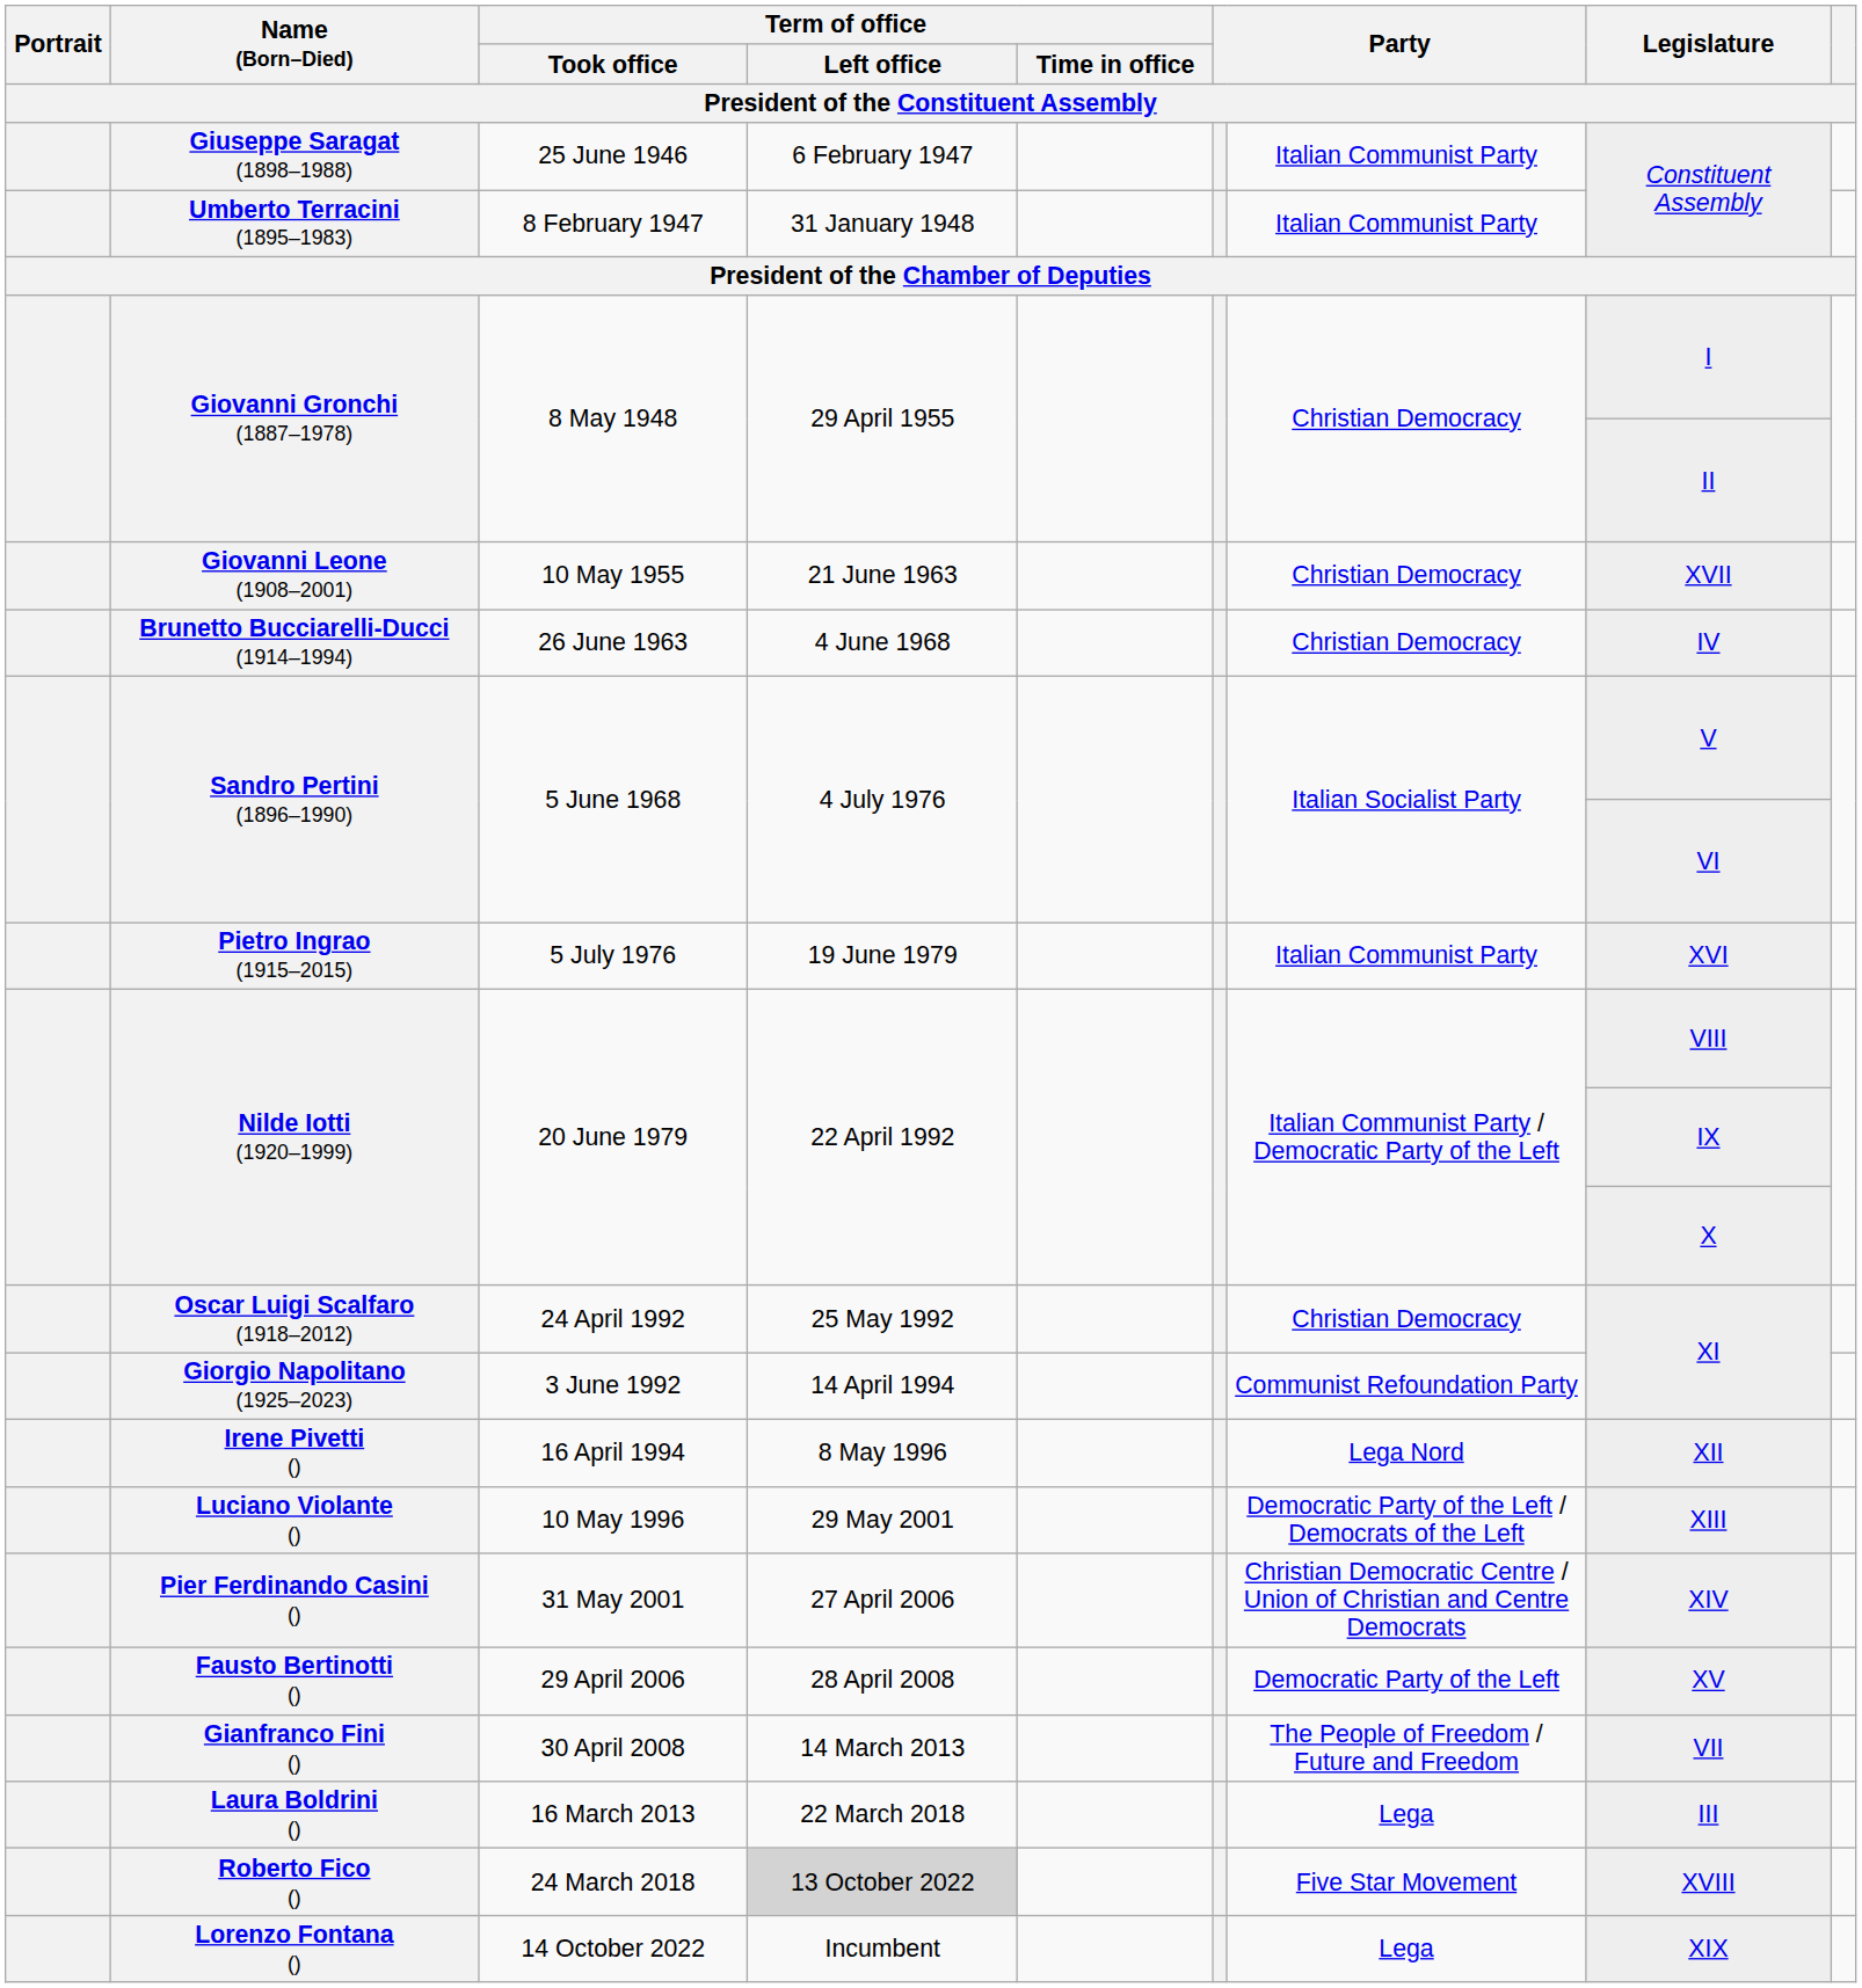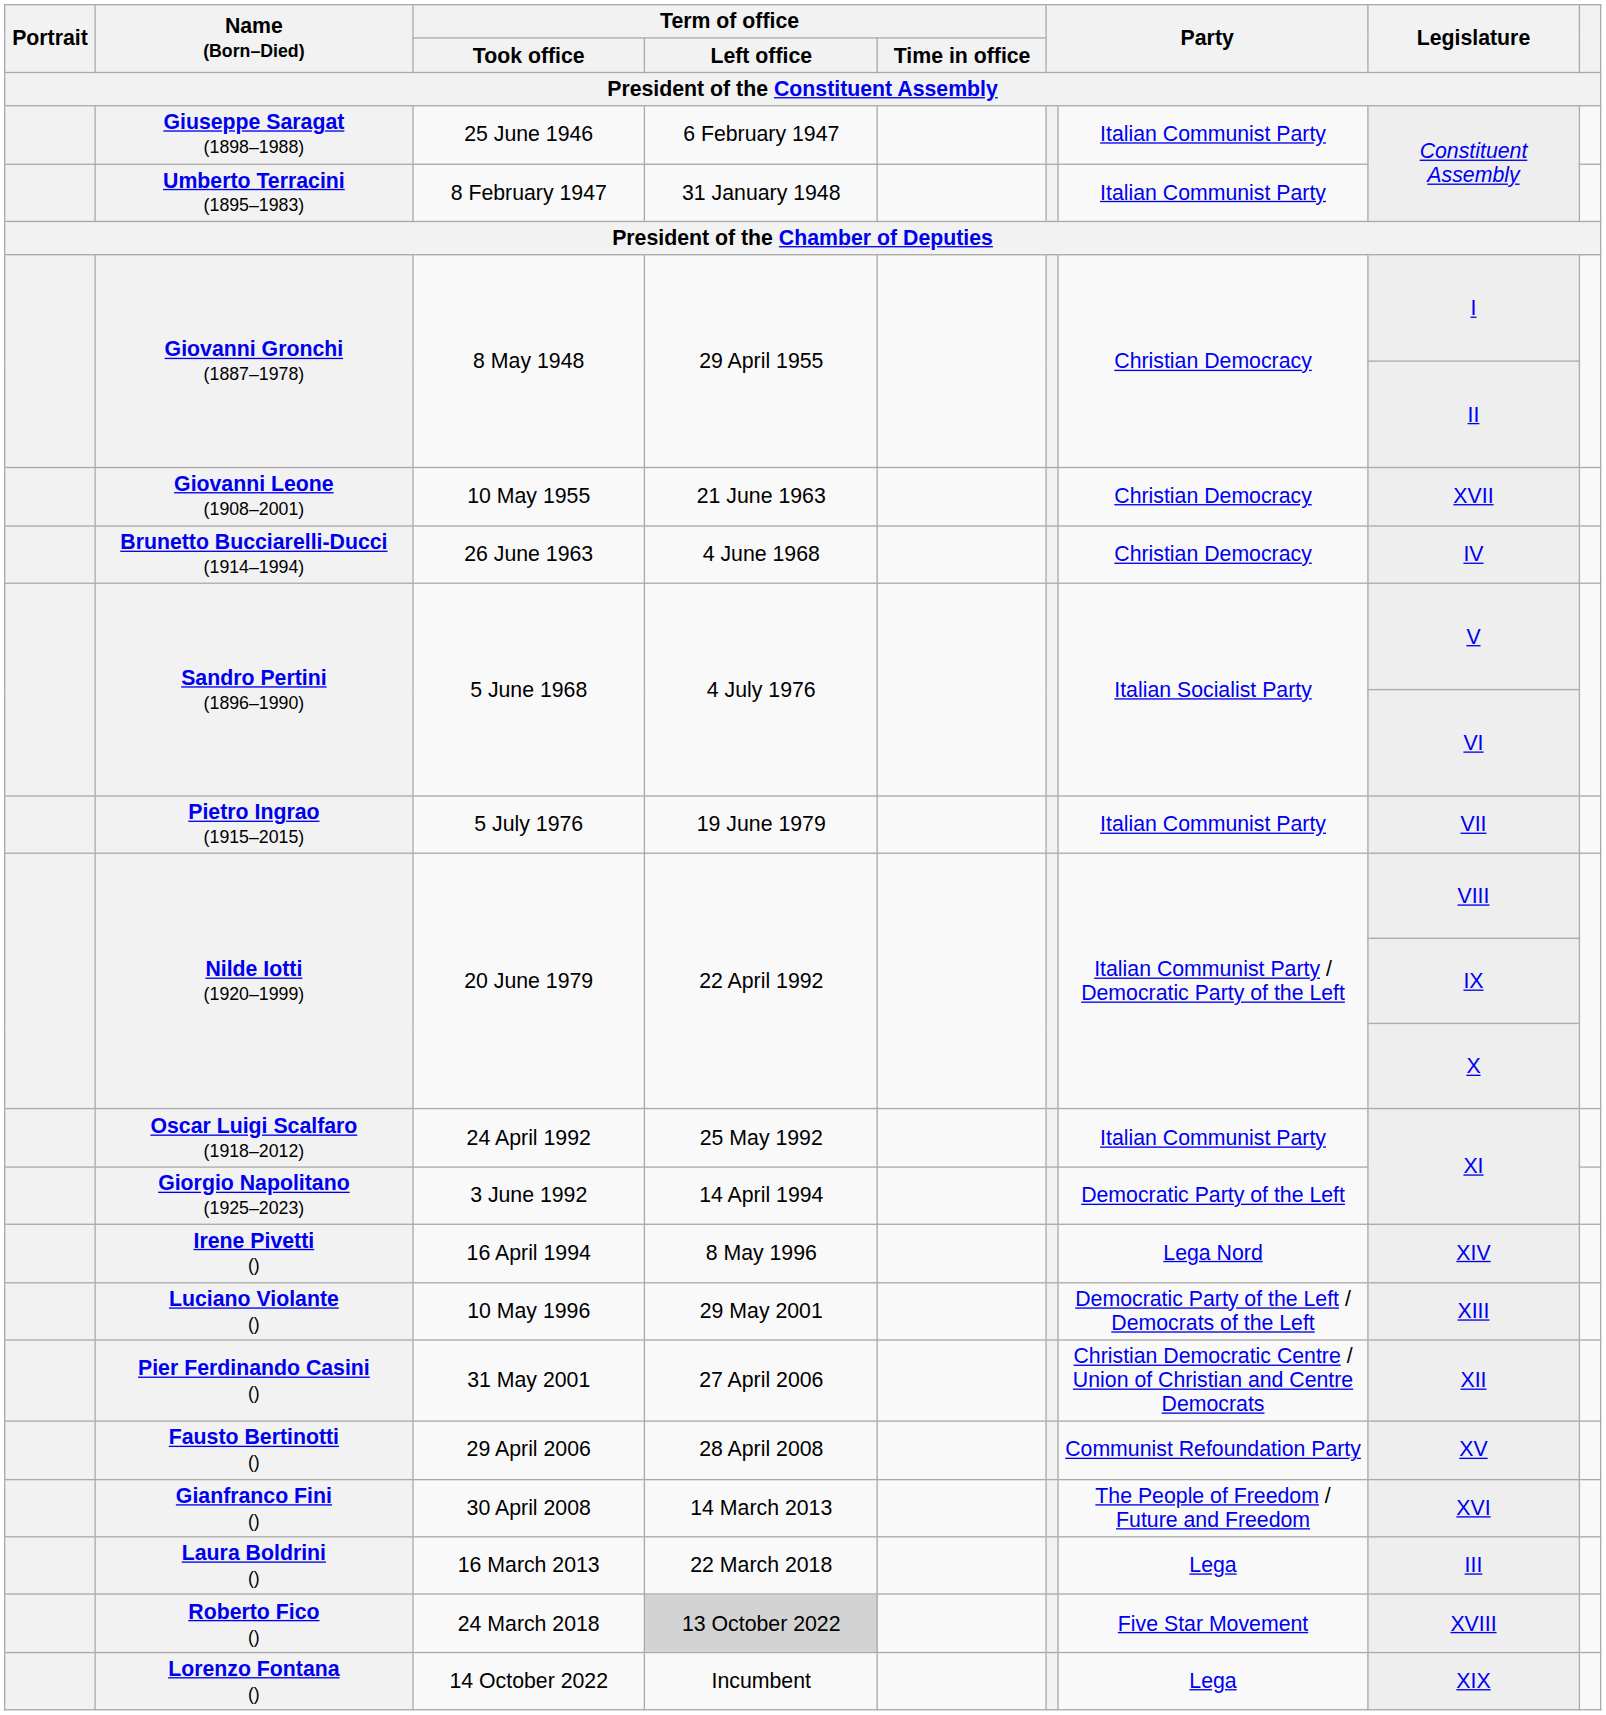 <table class="wikitable" style="text-align:center; style="width=95%">
 <tr>
 <th width=1% rowspan=2>Portrait</th>
 <th width=15% rowspan=2>Name<br><small>(Born–Died)</small></th>
 <th width=30% colspan=3>Term of office</th>
 <th width=15% rowspan=2 colspan=2>Party</th>
 <th width=10% rowspan=2>Legislature</th>
 <th width=1% rowspan=2></th>
 </tr>
 <tr style="text-align:center;">
 <th width=11%>Took office</th>
 <th width=11%>Left office</th>
 <th width=8%>Time in office</th>
 </tr>
 <tr>
 <th colspan=9>President of the <a href='#'>Constituent Assembly</a></th>
 </tr>
 <tr>
 <th></th>
 <th scope="row" style="font-weight:normal"><strong><a href='#'>Giuseppe Saragat</a></strong><br><small>(1898–1988)</small></th>
 <td>25 June 1946</td>
 <td>6 February 1947</td>
 <td></td>
 <th style="background:"></th>
 <td><a href='#'>Italian Communist Party</a></td>
 <td rowspan=2 bgcolor=#EEEEEE><em><a href='#'>Constituent Assembly</a></em><br><a href='#'></a></td>
 <td></td>
 </tr>
 <tr>
 <th></th>
 <th scope="row" style="font-weight:normal"><strong><a href='#'>Umberto Terracini</a></strong><br><small>(1895–1983)</small></th>
 <td>8 February 1947</td>
 <td>31 January 1948</td>
 <td></td>
 <th style="background:"></th>
 <td><a href='#'>Italian Communist Party</a></td>
 <td></td>
 </tr>
 <tr>
 <th colspan=10>President of the <a href='#'>Chamber of Deputies</a></th>
 </tr>
 <tr style="height:5em;">
 <th rowspan=2></th>
 <th scope="row" style="font-weight:normal" rowspan=2><strong><a href='#'>Giovanni Gronchi</a></strong><br><small>(1887–1978)</small></th>
 <td rowspan=2>8 May 1948</td>
 <td rowspan=2>29 April 1955</td>
 <td rowspan=2></td>
 <th rowspan=2 style="background:"></th>
 <td rowspan=2><a href='#'>Christian Democracy</a></td>
 <td bgcolor=#EEEEEE><a href='#'>I<br></a></td>
 <td rowspan=2></td>
 </tr>
 <tr style="height:5em;">
 <td bgcolor=#EEEEEE><a href='#'>II<br></a></td>
 </tr>
 <tr>
 <th></th>
 <th scope="row" style="font-weight:normal"><strong><a href='#'>Giovanni Leone</a></strong><br><small>(1908–2001)</small></th>
 <td>10 May 1955</td>
 <td>21 June 1963</td>
 <td></td>
 <th style="background:"></th>
 <td><a href='#'>Christian Democracy</a></td>
 <td bgcolor=#EEEEEE><a href='#'>XVII<br></a></td>
 <td></td>
 </tr>
 <tr>
 <th></th>
 <th scope="row" style="font-weight:normal"><strong><a href='#'>Brunetto Bucciarelli-Ducci</a></strong><br><small>(1914–1994)</small></th>
 <td>26 June 1963</td>
 <td>4 June 1968</td>
 <td></td>
 <th style="background:"></th>
 <td><a href='#'>Christian Democracy</a></td>
 <td bgcolor=#EEEEEE><a href='#'>IV<br></a></td>
 <td></td>
 </tr>
 <tr style="height:5em;">
 <th rowspan=2></th>
 <th scope="row" style="font-weight:normal" rowspan=2><strong><a href='#'>Sandro Pertini</a></strong><br><small>(1896–1990)</small></th>
 <td rowspan=2>5 June 1968</td>
 <td rowspan=2>4 July 1976</td>
 <td rowspan=2></td>
 <th rowspan=2 style="background:"></th>
 <td rowspan=2><a href='#'>Italian Socialist Party</a></td>
 <td bgcolor=#EEEEEE><a href='#'>V<br></a></td>
 <td rowspan=2></td>
 </tr>
 <tr style="height:5em;">
 <td bgcolor=#EEEEEE><a href='#'>VI<br></a></td>
 </tr>
 <tr>
 <th></th>
 <th scope="row" style="font-weight:normal"><strong><a href='#'>Pietro Ingrao</a></strong><br><small>(1915–2015)</small></th>
 <td>5 July 1976</td>
 <td>19 June 1979</td>
 <td></td>
 <th style="background:"></th>
 <td><a href='#'>Italian Communist Party</a></td>
-<td bgcolor=#EEEEEE><a href='#'>XVI<br></a></td>
+<td bgcolor=#EEEEEE><a href='#'>VII<br></a></td>
 <td></td>
 </tr>
 <tr style="height:4em;">
 <th rowspan=3></th>
 <th scope="row" style="font-weight:normal" rowspan=3><strong><a href='#'>Nilde Iotti</a></strong><br><small>(1920–1999)</small></th>
 <td rowspan=3>20 June 1979</td>
 <td rowspan=3>22 April 1992</td>
 <td rowspan=3></td>
 <th rowspan=3 style="background:"></th>
 <td rowspan=3><a href='#'>Italian Communist Party</a> /<br><a href='#'>Democratic Party of the Left</a></td>
 <td bgcolor=#EEEEEE><a href='#'>VIII<br></a></td>
 <td rowspan=3></td>
 </tr>
 <tr style="height:4em;">
 <td bgcolor=#EEEEEE><a href='#'>IX<br></a></td>
 </tr>
 <tr style="height:4em;">
 <td bgcolor=#EEEEEE><a href='#'>X<br></a></td>
 </tr>
 <tr>
 <th></th>
 <th scope="row" style="font-weight:normal"><strong><a href='#'>Oscar Luigi Scalfaro</a></strong><br><small>(1918–2012)</small></th>
 <td>24 April 1992</td>
 <td>25 May 1992</td>
 <td></td>
 <th style="background:"></th>
-<td><a href='#'>Christian Democracy</a></td>
+<td><a href='#'>Italian Communist Party</a></td>
 <td rowspan=2 bgcolor=#EEEEEE><a href='#'>XI<br></a></td>
 <td></td>
 </tr>
 <tr>
 <th></th>
 <th scope="row" style="font-weight:normal"><strong><a href='#'>Giorgio Napolitano</a></strong><br><small>(1925–2023)</small></th>
 <td>3 June 1992</td>
 <td>14 April 1994</td>
 <td></td>
 <th style="background:"></th>
-<td><a href='#'>Communist Refoundation Party</a></td>
+<td><a href='#'>Democratic Party of the Left</a></td>
 <td></td>
 </tr>
 <tr>
 <th></th>
 <th scope="row" style="font-weight:normal"><strong><a href='#'>Irene Pivetti</a></strong><br><small>()</small></th>
 <td>16 April 1994</td>
 <td>8 May 1996</td>
 <td></td>
 <th style="background:"></th>
 <td><a href='#'>Lega Nord</a></td>
-<td bgcolor=#EEEEEE><a href='#'>XII<br></a></td>
+<td bgcolor=#EEEEEE><a href='#'>XIV<br></a></td>
 <td></td>
 </tr>
 <tr>
 <th></th>
 <th scope="row" style="font-weight:normal"><strong><a href='#'>Luciano Violante</a></strong><br><small>()</small></th>
 <td>10 May 1996</td>
 <td>29 May 2001</td>
 <td></td>
 <th style="background:"></th>
 <td><a href='#'>Democratic Party of the Left</a> /<br><a href='#'>Democrats of the Left</a></td>
 <td bgcolor=#EEEEEE><a href='#'>XIII<br></a></td>
 <td></td>
 </tr>
 <tr>
 <th></th>
 <th scope="row" style="font-weight:normal"><strong><a href='#'>Pier Ferdinando Casini</a></strong><br><small>()</small></th>
 <td>31 May 2001</td>
 <td>27 April 2006</td>
 <td></td>
 <th style="background:"></th>
 <td><a href='#'>Christian Democratic Centre</a> /<br><a href='#'>Union of Christian and Centre Democrats</a></td>
-<td bgcolor=#EEEEEE><a href='#'>XIV<br></a></td>
+<td bgcolor=#EEEEEE><a href='#'>XII<br></a></td>
 <td></td>
 </tr>
 <tr>
 <th></th>
 <th scope="row" style="font-weight:normal"><strong><a href='#'>Fausto Bertinotti</a></strong><br><small>()</small></th>
 <td>29 April 2006</td>
 <td>28 April 2008</td>
 <td></td>
 <th style="background:"></th>
-<td><a href='#'>Democratic Party of the Left</a></td>
+<td><a href='#'>Communist Refoundation Party</a></td>
 <td bgcolor=#EEEEEE><a href='#'>XV<br></a></td>
 <td></td>
 </tr>
 <tr>
 <th></th>
 <th scope="row" style="font-weight:normal"><strong><a href='#'>Gianfranco Fini</a></strong><br><small>()</small></th>
 <td>30 April 2008</td>
 <td>14 March 2013</td>
 <td></td>
 <th style="background:"></th>
 <td><a href='#'>The People of Freedom</a> /<br><a href='#'>Future and Freedom</a></td>
-<td bgcolor=#EEEEEE><a href='#'>VII<br></a></td>
+<td bgcolor=#EEEEEE><a href='#'>XVI<br></a></td>
 <td></td>
 </tr>
 <tr>
 <th></th>
 <th scope="row" style="font-weight:normal"><strong><a href='#'>Laura Boldrini</a></strong><br><small>()</small></th>
 <td>16 March 2013</td>
 <td>22 March 2018</td>
 <td></td>
 <th style="background:"></th>
 <td><a href='#'>Lega</a></td>
 <td bgcolor=#EEEEEE><a href='#'>III<br></a></td>
 <td></td>
 </tr>
 <tr>
 <th></th>
 <th scope="row" style="font-weight:normal"><strong><a href='#'>Roberto Fico</a></strong><br><small>()</small></th>
 <td>24 March 2018</td>
 <td style="background: lightgrey;">13 October 2022</td>
 <td></td>
 <th style="background:"></th>
 <td><a href='#'>Five Star Movement</a></td>
 <td bgcolor=#EEEEEE><a href='#'>XVIII<br></a></td>
 <td></td>
 </tr>
 <tr>
 <th></th>
 <th scope="row" style="font-weight:normal"><strong><a href='#'>Lorenzo Fontana</a></strong><br><small>()</small></th>
 <td>14 October 2022</td>
 <td>Incumbent</td>
 <td></td>
 <th style="background:"></th>
 <td><a href='#'>Lega</a></td>
 <td bgcolor=#EEEEEE><a href='#'>XIX<br></a></td>
 <td></td>
 </tr>
 </table>
